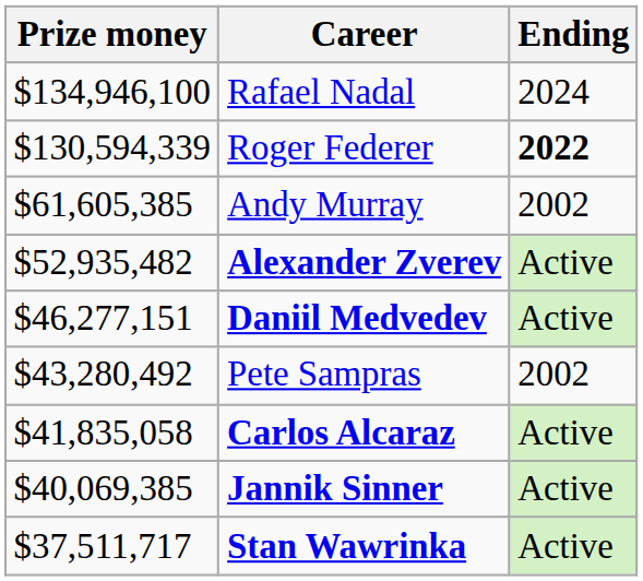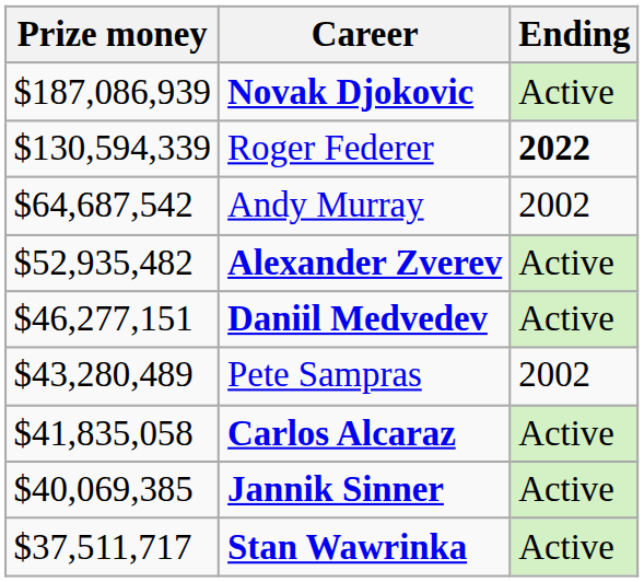 <table class="wikitable" style="display:inline-table">
 <tr>
 <th>Prize money</th>
 <th>Career</th>
 <th>Ending</th>
 </tr>
 <tr>
-<td>$134,946,100</td>
-<td> <a href='#'>Rafael Nadal</a></td>
-<td>2024</td>
+<td>$187,086,939</td>
+<td style="white-space: nowrap;"> <strong><a href='#'>Novak Djokovic</a></strong></td>
+<td bgcolor=D4F1C5>Active</td>
 </tr>
 <tr>
 <td>$130,594,339</td>
 <td> <a href='#'>Roger Federer</a></td>
 <td><strong>2022</strong></td>
 </tr>
 <tr>
-<td>$61,605,385</td>
+<td>$64,687,542</td>
 <td> <a href='#'>Andy Murray</a></td>
 <td>2002</td>
 </tr>
 <tr>
 <td>$52,935,482</td>
 <td> <strong><a href='#'>Alexander Zverev</a></strong></td>
 <td bgcolor=D4F1C5>Active</td>
 </tr>
 <tr>
 <td>$46,277,151</td>
 <td> <strong><a href='#'>Daniil Medvedev</a></strong></td>
 <td bgcolor=D4F1C5>Active</td>
 </tr>
 <tr>
-<td>$43,280,492</td>
+<td>$43,280,489</td>
 <td> <a href='#'>Pete Sampras</a></td>
 <td>2002</td>
 </tr>
 <tr>
 <td>$41,835,058</td>
 <td> <strong><a href='#'>Carlos Alcaraz</a></strong></td>
 <td bgcolor=D4F1C5>Active</td>
 </tr>
 <tr>
 <td>$40,069,385</td>
 <td> <strong><a href='#'>Jannik Sinner</a></strong></td>
 <td bgcolor=D4F1C5>Active</td>
 </tr>
 <tr>
 <td>$37,511,717</td>
 <td> <strong><a href='#'>Stan Wawrinka</a></strong></td>
 <td bgcolor=D4F1C5>Active</td>
 </tr>
 </table>
